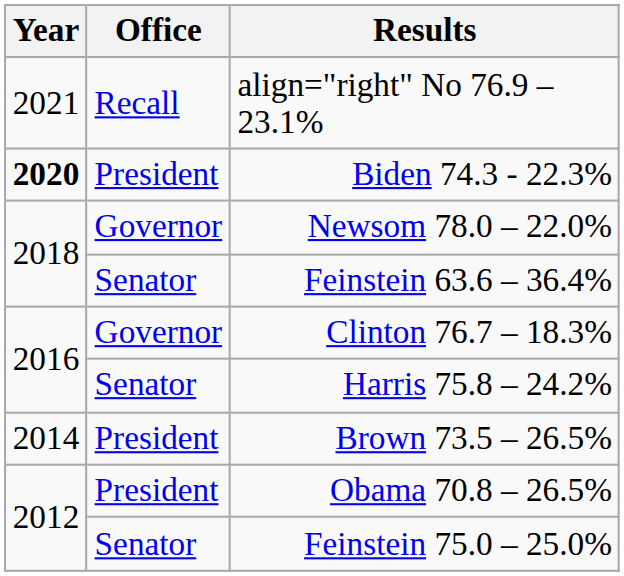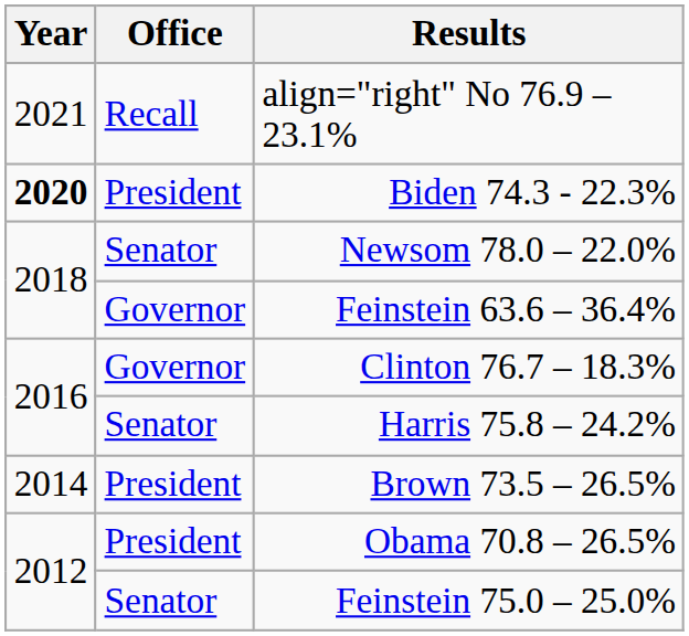 <table class=wikitable>
 <tr>
 <th width="30">Year</th>
 <th width="60">Office</th>
 <th width="180">Results</th>
 </tr>
 <tr>
 <td>2021</td>
 <td><a href='#'>Recall</a></td>
 <td>align="right"  No 76.9 – 23.1%</td>
 </tr>
 <tr>
 <td rowspan="1"><strong>2020</strong></td>
 <td><a href='#'>President</a></td>
 <td align="right" ><a href='#'>Biden</a> 74.3 - 22.3%</td>
 </tr>
 <tr>
 <td rowspan="2">2018</td>
-<td><a href='#'>Governor</a></td>
+<td><a href='#'>Senator</a></td>
 <td align="right" ><a href='#'>Newsom</a> 78.0 – 22.0%</td>
 </tr>
 <tr>
-<td><a href='#'>Senator</a></td>
+<td><a href='#'>Governor</a></td>
 <td align="right" ><a href='#'>Feinstein</a> 63.6 – 36.4%</td>
 </tr>
 <tr>
 <td rowspan="2">2016</td>
 <td><a href='#'>Governor</a></td>
 <td align="right" ><a href='#'>Clinton</a> 76.7 – 18.3%</td>
 </tr>
 <tr>
 <td><a href='#'>Senator</a></td>
 <td align="right" ><a href='#'>Harris</a> 75.8 – 24.2%</td>
 </tr>
 <tr>
 <td>2014</td>
 <td><a href='#'>President</a></td>
 <td align="right" ><a href='#'>Brown</a> 73.5 – 26.5%</td>
 </tr>
 <tr>
 <td rowspan="2">2012</td>
 <td><a href='#'>President</a></td>
 <td align="right" ><a href='#'>Obama</a> 70.8 – 26.5%</td>
 </tr>
 <tr>
 <td><a href='#'>Senator</a></td>
 <td align="right" ><a href='#'>Feinstein</a> 75.0 – 25.0%</td>
 </tr>
 </table>
